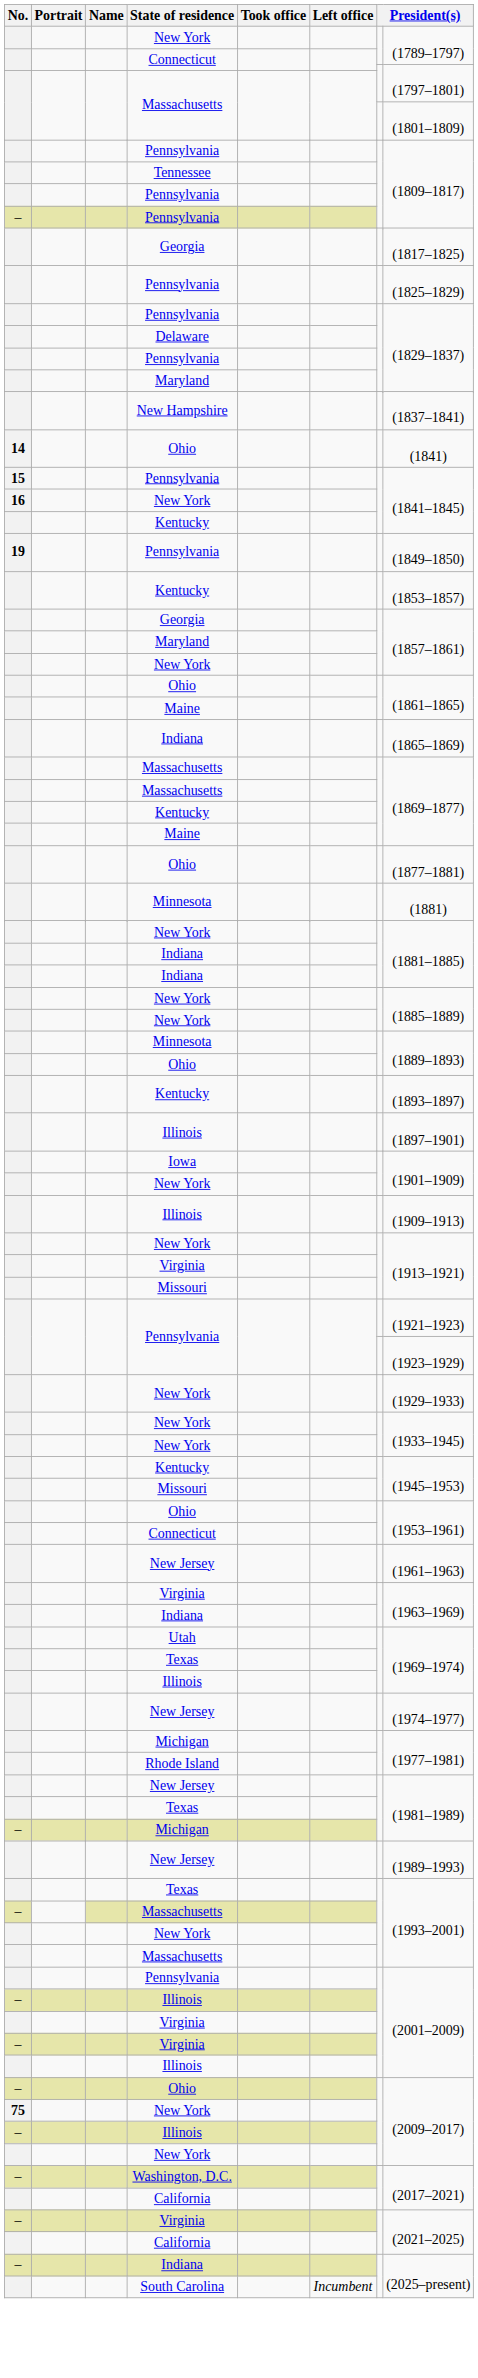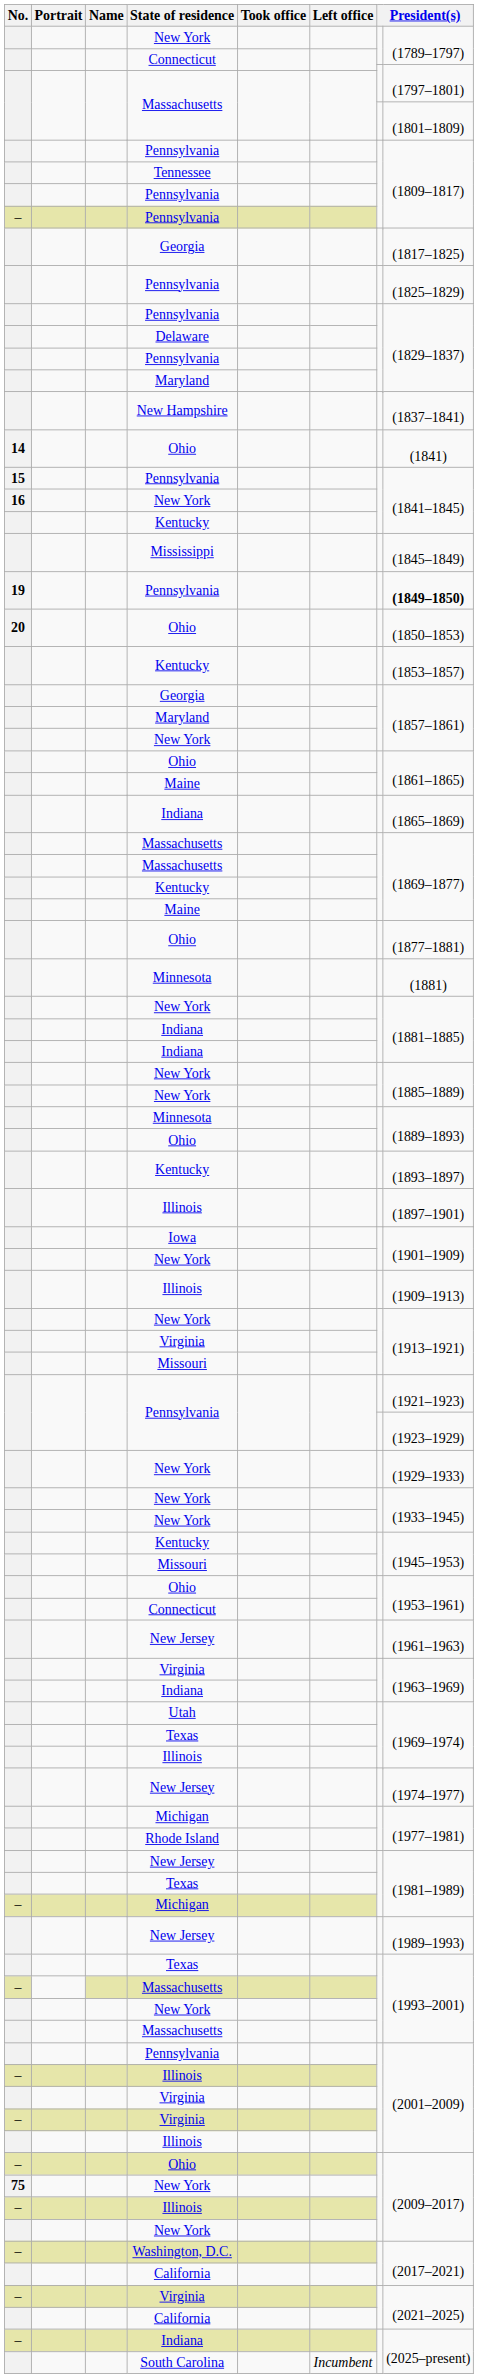 <table class="wikitable sortable" style="clear:right; text-align:center">
 <tr>
 <th>No.</th>
 <th class=unsortable>Portrait</th>
 <th>Name</th>
 <th>State of residence</th>
 <th>Took office</th>
 <th>Left office</th>
 <th colspan=2><a href='#'>President(s)</a></th>
 </tr>
 <tr>
 <th style="background: "></th>
 <td></td>
 <td></td>
 <td><a href='#'>New York</a></td>
 <td></td>
 <td></td>
 <td rowspan=2 style="background: "></td>
 <td rowspan=2><br>(1789–1797)</td>
 </tr>
 <tr>
 <th rowspan=2 style="background: "></th>
 <td rowspan=2></td>
 <td rowspan=2></td>
 <td rowspan=2><a href='#'>Connecticut</a></td>
 <td rowspan=2></td>
 <td rowspan=2></td>
 </tr>
 <tr>
 <td rowspan=2 style="background: "></td>
 <td rowspan=2><br>(1797–1801)</td>
 </tr>
 <tr>
 <th rowspan=2 style="background: "></th>
 <td rowspan=2></td>
 <td rowspan=2></td>
 <td rowspan=2><a href='#'>Massachusetts</a></td>
 <td rowspan=2></td>
 <td rowspan=2></td>
 </tr>
 <tr>
 <td rowspan=2 style="background: "></td>
 <td><br>(1801–1809)</td>
 </tr>
 <tr>
 <th rowspan=2 style="background: "></th>
 <td rowspan=2></td>
 <td rowspan=2></td>
 <td rowspan=2><a href='#'>Pennsylvania</a></td>
 <td rowspan=2></td>
 <td rowspan=2></td>
 <td rowspan=6><br>(1809–1817)</td>
 </tr>
 <tr>
 <td rowspan=5 style="background: "></td>
 </tr>
 <tr>
 <th style="background: "></th>
 <td></td>
 <td></td>
 <td><a href='#'>Tennessee</a></td>
 <td></td>
 <td></td>
 </tr>
 <tr>
 <th style="background: "></th>
 <td></td>
 <td></td>
 <td><a href='#'>Pennsylvania</a></td>
 <td></td>
 <td></td>
 </tr>
 <tr>
 <td style="background:#e6e6aa;">–</td>
 <td style="background:#e6e6aa;"></td>
 <td style="background:#e6e6aa;"><br></td>
 <td style="background:#e6e6aa;"><a href='#'>Pennsylvania</a></td>
 <td style="background:#e6e6aa;"></td>
 <td style="background:#e6e6aa;"></td>
 </tr>
 <tr>
 <th rowspan=2 style="background: "></th>
 <td rowspan=2></td>
 <td rowspan=2></td>
 <td rowspan=2><a href='#'>Georgia</a></td>
 <td rowspan=2></td>
 <td rowspan=2></td>
 </tr>
 <tr>
 <td style="background: "></td>
 <td><br>(1817–1825)</td>
 </tr>
 <tr>
 <th style="background: "></th>
 <td></td>
 <td></td>
 <td><a href='#'>Pennsylvania</a></td>
 <td></td>
 <td></td>
 <td style="background: "></td>
 <td><br>(1825–1829)</td>
 </tr>
 <tr>
 <th style="background: "></th>
 <td></td>
 <td></td>
 <td><a href='#'>Pennsylvania</a></td>
 <td></td>
 <td></td>
 <td rowspan=5 style="background: "></td>
 <td rowspan=5><br>(1829–1837)</td>
 </tr>
 <tr>
 <th style="background: "></th>
 <td></td>
 <td></td>
 <td><a href='#'>Delaware</a></td>
 <td></td>
 <td></td>
 </tr>
 <tr>
 <th style="background: "></th>
 <td></td>
 <td></td>
 <td><a href='#'>Pennsylvania</a></td>
 <td></td>
 <td></td>
 </tr>
 <tr>
 <th style="background: "></th>
 <td></td>
 <td></td>
 <td><a href='#'>Maryland</a></td>
 <td></td>
 <td></td>
 </tr>
 <tr>
 <th rowspan=2 style="background: "></th>
 <td rowspan=2></td>
 <td rowspan=2></td>
 <td rowspan=2><a href='#'>New Hampshire</a></td>
 <td rowspan=2></td>
 <td rowspan=2></td>
 </tr>
 <tr>
 <td style="background: "></td>
 <td><br>(1837–1841)</td>
 </tr>
 <tr>
 <th rowspan=2 style="background: ">14</th>
 <td rowspan=2></td>
 <td rowspan=2></td>
 <td rowspan=2><a href='#'>Ohio</a></td>
 <td rowspan=2></td>
 <td rowspan=2></td>
 <td style="background: "></td>
 <td><br>(1841)</td>
 </tr>
 <tr>
 <td rowspan=4 style="background: "></td>
 <td rowspan=4><br>(1841–1845)</td>
 </tr>
 <tr>
 <th style="background: ">15</th>
 <td></td>
 <td></td>
 <td><a href='#'>Pennsylvania</a></td>
 <td></td>
 <td></td>
 </tr>
 <tr>
 <th style="background: ">16</th>
 <td></td>
 <td></td>
 <td><a href='#'>New York</a></td>
 <td></td>
 <td></td>
 </tr>
 <tr>
 <th style="background: "></th>
 <td></td>
 <td></td>
 <td><a href='#'>Kentucky</a></td>
 <td></td>
 <td></td>
 </tr>
 <tr>
+<th style="background: "></th>
+<td></td>
+<td></td>
+<td><a href='#'>Mississippi</a></td>
+<td></td>
+<td></td>
+<td style="background: "></td>
+<td><br>(1845–1849)</td>
+</tr>
+<tr>
 <th style="background: ">19</th>
 <td></td>
 <td></td>
 <td><a href='#'>Pennsylvania</a></td>
 <td></td>
 <td></td>
 <td style="background: "></td>
-<td><br>(1849–1850)</td>
+<td><strong><br>(1849–1850)</strong></td>
+</tr>
+<tr>
+<th style="background: ">20</th>
+<td></td>
+<td></td>
+<td><a href='#'>Ohio</a></td>
+<td></td>
+<td></td>
+<td style="background: "></td>
+<td><br>(1850–1853)</td>
 </tr>
 <tr>
 <th style="background: "></th>
 <td></td>
 <td></td>
 <td><a href='#'>Kentucky</a></td>
 <td></td>
 <td></td>
 <td style="background: "></td>
 <td><br>(1853–1857)</td>
 </tr>
 <tr>
 <th style="background: "></th>
 <td></td>
 <td></td>
 <td><a href='#'>Georgia</a></td>
 <td></td>
 <td></td>
 <td rowspan=3 style="background: "></td>
 <td rowspan=3><br>(1857–1861)</td>
 </tr>
 <tr>
 <th style="background: "></th>
 <td></td>
 <td></td>
 <td><a href='#'>Maryland</a></td>
 <td></td>
 <td></td>
 </tr>
 <tr>
 <th style="background: "></th>
 <td></td>
 <td></td>
 <td><a href='#'>New York</a></td>
 <td></td>
 <td></td>
 </tr>
 <tr>
 <th style="background: "></th>
 <td></td>
 <td></td>
 <td><a href='#'>Ohio</a></td>
 <td></td>
 <td></td>
 <td rowspan=3 style="background: "></td>
 <td rowspan=3><br>(1861–1865)</td>
 </tr>
 <tr>
 <th style="background: "></th>
 <td></td>
 <td></td>
 <td><a href='#'>Maine</a></td>
 <td></td>
 <td></td>
 </tr>
 <tr>
 <th rowspan=2 style="background: "></th>
 <td rowspan=2></td>
 <td rowspan=2></td>
 <td rowspan=2><a href='#'>Indiana</a></td>
 <td rowspan=2></td>
 <td rowspan=2></td>
 </tr>
 <tr>
 <td style="background: "></td>
 <td><br>(1865–1869)</td>
 </tr>
 <tr>
 <th style="background: "></th>
 <td></td>
 <td></td>
 <td><a href='#'>Massachusetts</a></td>
 <td></td>
 <td></td>
 <td rowspan=4 style="background: "></td>
 <td rowspan=4><br>(1869–1877)</td>
 </tr>
 <tr>
 <th style="background: "></th>
 <td></td>
 <td></td>
 <td><a href='#'>Massachusetts</a></td>
 <td></td>
 <td></td>
 </tr>
 <tr>
 <th style="background: "></th>
 <td></td>
 <td></td>
 <td><a href='#'>Kentucky</a></td>
 <td></td>
 <td></td>
 </tr>
 <tr>
 <th style="background: "></th>
 <td></td>
 <td></td>
 <td><a href='#'>Maine</a></td>
 <td></td>
 <td></td>
 </tr>
 <tr>
 <th style="background: "></th>
 <td></td>
 <td></td>
 <td><a href='#'>Ohio</a></td>
 <td></td>
 <td></td>
 <td style="background: "></td>
 <td><br>(1877–1881)</td>
 </tr>
 <tr>
 <th rowspan=2 style="background: "></th>
 <td rowspan=2></td>
 <td rowspan=2></td>
 <td rowspan=2><a href='#'>Minnesota</a></td>
 <td rowspan=2></td>
 <td rowspan=2></td>
 <td style="background: "></td>
 <td><br>(1881)</td>
 </tr>
 <tr>
 <td rowspan=4 style="background: "></td>
 <td rowspan=4><br>(1881–1885)</td>
 </tr>
 <tr>
 <th style="background: "></th>
 <td></td>
 <td></td>
 <td><a href='#'>New York</a></td>
 <td></td>
 <td></td>
 </tr>
 <tr>
 <th style="background: "></th>
 <td></td>
 <td></td>
 <td><a href='#'>Indiana</a></td>
 <td></td>
 <td></td>
 </tr>
 <tr>
 <th style="background: "></th>
 <td></td>
 <td></td>
 <td><a href='#'>Indiana</a></td>
 <td></td>
 <td></td>
 </tr>
 <tr>
 <th style="background: "></th>
 <td></td>
 <td></td>
 <td><a href='#'>New York</a></td>
 <td></td>
 <td></td>
 <td rowspan=2 style="background: "></td>
 <td rowspan=2><br>(1885–1889)</td>
 </tr>
 <tr>
 <th style="background: "></th>
 <td></td>
 <td></td>
 <td><a href='#'>New York</a></td>
 <td></td>
 <td></td>
 </tr>
 <tr>
 <th style="background: "></th>
 <td></td>
 <td></td>
 <td><a href='#'>Minnesota</a></td>
 <td></td>
 <td></td>
 <td rowspan=2 style="background: "></td>
 <td rowspan=2><br>(1889–1893)</td>
 </tr>
 <tr>
 <th style="background: "></th>
 <td></td>
 <td></td>
 <td><a href='#'>Ohio</a></td>
 <td></td>
 <td></td>
 </tr>
 <tr>
 <th style="background: "></th>
 <td></td>
 <td></td>
 <td><a href='#'>Kentucky</a></td>
 <td></td>
 <td></td>
 <td style="background: "></td>
 <td><br>(1893–1897)</td>
 </tr>
 <tr>
 <th rowspan=2 style="background: "></th>
 <td rowspan=2></td>
 <td rowspan=2></td>
 <td rowspan=2><a href='#'>Illinois</a></td>
 <td rowspan=2></td>
 <td rowspan=2></td>
 <td style="background: "></td>
 <td><br>(1897–1901)</td>
 </tr>
 <tr>
 <td rowspan=3 style="background: "></td>
 <td rowspan=3><br>(1901–1909)</td>
 </tr>
 <tr>
 <th style="background: "></th>
 <td></td>
 <td></td>
 <td><a href='#'>Iowa</a></td>
 <td></td>
 <td></td>
 </tr>
 <tr>
 <th style="background: "></th>
 <td></td>
 <td></td>
 <td><a href='#'>New York</a></td>
 <td></td>
 <td></td>
 </tr>
 <tr>
 <th style="background: "></th>
 <td></td>
 <td></td>
 <td><a href='#'>Illinois</a></td>
 <td></td>
 <td></td>
 <td style="background: "></td>
 <td><br>(1909–1913)</td>
 </tr>
 <tr>
 <th style="background: "></th>
 <td></td>
 <td nowrap=""></td>
 <td><a href='#'>New York</a></td>
 <td></td>
 <td></td>
 <td rowspan=3 style="background: "></td>
 <td rowspan=3><br>(1913–1921)</td>
 </tr>
 <tr>
 <th style="background: "></th>
 <td></td>
 <td></td>
 <td><a href='#'>Virginia</a></td>
 <td></td>
 <td></td>
 </tr>
 <tr>
 <th style="background: "></th>
 <td></td>
 <td></td>
 <td><a href='#'>Missouri</a></td>
 <td></td>
 <td></td>
 </tr>
 <tr>
 <th rowspan=3 style="background: "></th>
 <td rowspan=3></td>
 <td rowspan=3></td>
 <td rowspan=3><a href='#'>Pennsylvania</a></td>
 <td rowspan=3></td>
 <td rowspan=3></td>
 <td style="background: "></td>
 <td><br>(1921–1923)</td>
 </tr>
 <tr>
 <td style="background: "></td>
 <td><br>(1923–1929)</td>
 </tr>
 <tr>
 <td rowspan=2 style="background: "></td>
 <td rowspan=2><br>(1929–1933)</td>
 </tr>
 <tr>
 <th style="background: "></th>
 <td></td>
 <td></td>
 <td><a href='#'>New York</a></td>
 <td></td>
 <td></td>
 </tr>
 <tr>
 <th style="background: "></th>
 <td></td>
 <td></td>
 <td><a href='#'>New York</a></td>
 <td></td>
 <td></td>
 <td rowspan=2 style="background: "></td>
 <td rowspan=2><br>(1933–1945)</td>
 </tr>
 <tr>
 <th style="background: "></th>
 <td></td>
 <td></td>
 <td><a href='#'>New York</a></td>
 <td></td>
 <td></td>
 </tr>
 <tr>
 <th style="background: "></th>
 <td></td>
 <td></td>
 <td><a href='#'>Kentucky</a></td>
 <td></td>
 <td></td>
 <td rowspan=2 style="background: "></td>
 <td rowspan=2><br>(1945–1953)</td>
 </tr>
 <tr>
 <th style="background: "></th>
 <td></td>
 <td></td>
 <td><a href='#'>Missouri</a></td>
 <td></td>
 <td></td>
 </tr>
 <tr>
 <th style="background: "></th>
 <td></td>
 <td></td>
 <td><a href='#'>Ohio</a></td>
 <td></td>
 <td></td>
 <td rowspan=2 style="background: "></td>
 <td rowspan=2><br>(1953–1961)</td>
 </tr>
 <tr>
 <th style="background: "></th>
 <td></td>
 <td></td>
 <td><a href='#'>Connecticut</a></td>
 <td></td>
 <td></td>
 </tr>
 <tr>
 <th rowspan=2 style="background: "></th>
 <td rowspan=2></td>
 <td rowspan=2></td>
 <td rowspan=2><a href='#'>New Jersey</a></td>
 <td rowspan=2></td>
 <td rowspan=2></td>
 <td style="background: "></td>
 <td><br>(1961–1963)</td>
 </tr>
 <tr>
 <td rowspan=3 style="background: "></td>
 <td rowspan=3><br>(1963–1969)</td>
 </tr>
 <tr>
 <th style="background: "></th>
 <td></td>
 <td></td>
 <td><a href='#'>Virginia</a></td>
 <td></td>
 <td></td>
 </tr>
 <tr>
 <th style="background: "></th>
 <td></td>
 <td></td>
 <td><a href='#'>Indiana</a></td>
 <td></td>
 <td></td>
 </tr>
 <tr>
 <th style="background: "></th>
 <td></td>
 <td></td>
 <td><a href='#'>Utah</a></td>
 <td></td>
 <td></td>
 <td rowspan=4 style="background: "></td>
 <td rowspan=4><br>(1969–1974)</td>
 </tr>
 <tr>
 <th style="background: "></th>
 <td></td>
 <td></td>
 <td><a href='#'>Texas</a></td>
 <td></td>
 <td></td>
 </tr>
 <tr>
 <th style="background: "></th>
 <td></td>
 <td></td>
 <td><a href='#'>Illinois</a></td>
 <td></td>
 <td></td>
 </tr>
 <tr>
 <th rowspan=2 style="background: "></th>
 <td rowspan=2></td>
 <td rowspan=2></td>
 <td rowspan=2><a href='#'>New Jersey</a></td>
 <td rowspan=2></td>
 <td rowspan=2></td>
 </tr>
 <tr>
 <td style="background: "></td>
 <td><br>(1974–1977)</td>
 </tr>
 <tr>
 <th style="background: "></th>
 <td></td>
 <td></td>
 <td><a href='#'>Michigan</a></td>
 <td></td>
 <td></td>
 <td rowspan=2 style="background: "></td>
 <td rowspan=2><br>(1977–1981)</td>
 </tr>
 <tr>
 <th style="background: "></th>
 <td></td>
 <td></td>
 <td><a href='#'>Rhode Island</a></td>
 <td></td>
 <td></td>
 </tr>
 <tr>
 <th style="background: "></th>
 <td></td>
 <td></td>
 <td><a href='#'>New Jersey</a></td>
 <td></td>
 <td></td>
 <td rowspan=4 style="background: "></td>
 <td rowspan=4><br>(1981–1989)</td>
 </tr>
 <tr>
 <th style="background: "></th>
 <td></td>
 <td></td>
 <td><a href='#'>Texas</a></td>
 <td></td>
 <td></td>
 </tr>
 <tr>
 <td style="background:#e6e6aa;">–</td>
 <td style="background:#e6e6aa;"></td>
 <td style="background:#e6e6aa;"><br></td>
 <td style="background:#e6e6aa;"><a href='#'>Michigan</a></td>
 <td style="background:#e6e6aa;"></td>
 <td style="background:#e6e6aa;"></td>
 </tr>
 <tr>
 <th rowspan=2 style="background: "></th>
 <td rowspan=2></td>
 <td rowspan=2></td>
 <td rowspan=2><a href='#'>New Jersey</a></td>
 <td rowspan=2></td>
 <td rowspan=2></td>
 </tr>
 <tr>
 <td style="background: "></td>
 <td><br>(1989–1993)</td>
 </tr>
 <tr>
 <th style="background: "></th>
 <td></td>
 <td></td>
 <td><a href='#'>Texas</a></td>
 <td></td>
 <td></td>
 <td rowspan=4 style="background: "></td>
 <td rowspan=4><br>(1993–2001)</td>
 </tr>
 <tr>
 <td style="background:#e6e6aa;">–</td>
 <td></td>
 <td style="background:#e6e6aa;"><br></td>
 <td style="background:#e6e6aa;"><a href='#'>Massachusetts</a></td>
 <td style="background:#e6e6aa;"></td>
 <td style="background:#e6e6aa;"></td>
 </tr>
 <tr>
 <th style="background: "></th>
 <td></td>
 <td></td>
 <td><a href='#'>New York</a></td>
 <td></td>
 <td></td>
 </tr>
 <tr>
 <th style="background: "></th>
 <td></td>
 <td></td>
 <td><a href='#'>Massachusetts</a></td>
 <td></td>
 <td></td>
 </tr>
 <tr>
 <th style="background: "></th>
 <td></td>
 <td></td>
 <td><a href='#'>Pennsylvania</a></td>
 <td></td>
 <td></td>
 <td rowspan=5 style="background: "></td>
 <td rowspan=5><br>(2001–2009)</td>
 </tr>
 <tr>
 <td style="background:#e6e6aa;">–</td>
 <td style="background:#e6e6aa;"></td>
 <td style="background:#e6e6aa;"><br></td>
 <td style="background:#e6e6aa;"><a href='#'>Illinois</a></td>
 <td style="background:#e6e6aa;"></td>
 <td style="background:#e6e6aa;"></td>
 </tr>
 <tr>
 <th style="background: "></th>
 <td></td>
 <td></td>
 <td><a href='#'>Virginia</a></td>
 <td></td>
 <td></td>
 </tr>
 <tr>
 <td style="background:#e6e6aa;">–</td>
 <td style="background:#e6e6aa;"></td>
 <td style="background:#e6e6aa;"><br></td>
 <td style="background:#e6e6aa;"><a href='#'>Virginia</a></td>
 <td style="background:#e6e6aa;"></td>
 <td style="background:#e6e6aa;"></td>
 </tr>
 <tr>
 <th style="background: "></th>
 <td></td>
 <td></td>
 <td><a href='#'>Illinois</a></td>
 <td></td>
 <td></td>
 </tr>
 <tr>
 <td style="background:#e6e6aa;">–</td>
 <td style="background:#e6e6aa;"></td>
 <td style="background:#e6e6aa;"><br></td>
 <td style="background:#e6e6aa;"><a href='#'>Ohio</a></td>
 <td style="background:#e6e6aa;"></td>
 <td style="background:#e6e6aa;"></td>
 <td rowspan=4 style="background: "></td>
 <td rowspan=4><br>(2009–2017)</td>
 </tr>
 <tr>
 <th style="background: ">75</th>
 <td></td>
 <td></td>
 <td><a href='#'>New York</a></td>
 <td></td>
 <td></td>
 </tr>
 <tr>
 <td style="background:#e6e6aa;">–</td>
 <td style="background:#e6e6aa;"></td>
 <td style="background:#e6e6aa;"><br></td>
 <td style="background:#e6e6aa;"><a href='#'>Illinois</a></td>
 <td style="background:#e6e6aa;"></td>
 <td style="background:#e6e6aa;"></td>
 </tr>
 <tr>
 <th style="background: "></th>
 <td></td>
 <td></td>
 <td><a href='#'>New York</a></td>
 <td></td>
 <td></td>
 </tr>
 <tr>
 <td style="background:#e6e6aa;">–</td>
 <td style="background:#e6e6aa;"></td>
 <td style="background:#e6e6aa;"><br></td>
 <td style="background:#e6e6aa;"><a href='#'>Washington, D.C.</a></td>
 <td style="background:#e6e6aa;"></td>
 <td style="background:#e6e6aa;"></td>
 <td rowspan=2 style="background: "></td>
 <td rowspan=2><br>(2017–2021)</td>
 </tr>
 <tr>
 <th style="background: "></th>
 <td></td>
 <td></td>
 <td><a href='#'>California</a></td>
 <td></td>
 <td></td>
 </tr>
 <tr>
 <td style="background:#e6e6aa;">–</td>
 <td style="background:#e6e6aa;"></td>
 <td style="background:#e6e6aa;"><br></td>
 <td style="background:#e6e6aa;"><a href='#'>Virginia</a></td>
 <td style="background:#e6e6aa;"></td>
 <td style="background:#e6e6aa;"></td>
 <td rowspan=2 style="background: "></td>
 <td rowspan=2><br>(2021–2025)</td>
 </tr>
 <tr>
 <th style="background: "></th>
 <td></td>
 <td></td>
 <td><a href='#'>California</a></td>
 <td></td>
 <td></td>
 </tr>
 <tr>
 <td style="background:#e6e6aa;">–</td>
 <td style="background:#e6e6aa;"></td>
 <td style="background:#e6e6aa;"><br></td>
 <td style="background:#e6e6aa;"><a href='#'>Indiana</a></td>
 <td style="background:#e6e6aa;"></td>
 <td style="background:#e6e6aa;"></td>
 <td rowspan=2 style="background: "></td>
 <td rowspan=2><br>(2025–present)</td>
 </tr>
 <tr>
 <th style="background: "></th>
 <td></td>
 <td></td>
 <td><a href='#'>South Carolina</a></td>
 <td></td>
 <td><em>Incumbent</em></td>
 </tr>
 </table>
